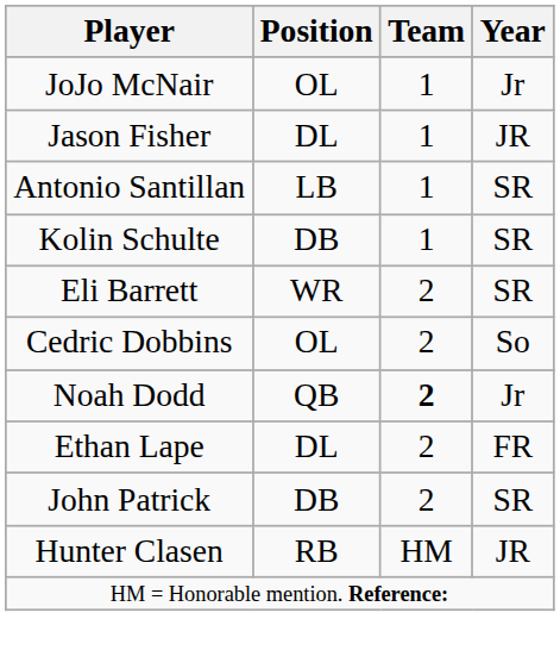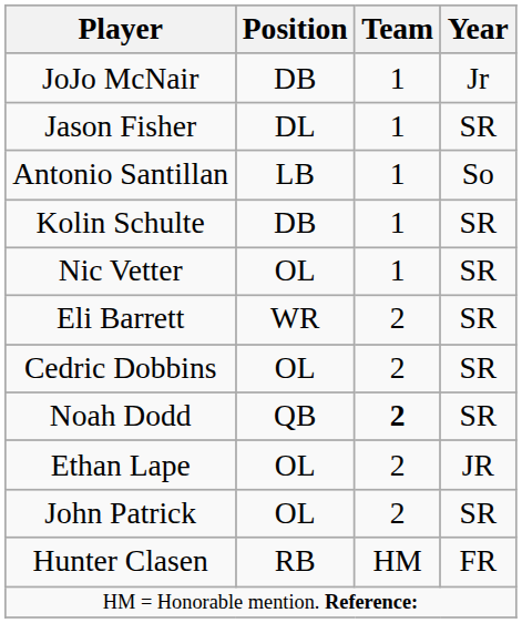 <table class="wikitable sortable sortable" style="text-align: center">
 <tr align=center>
 <th>Player</th>
 <th>Position</th>
 <th>Team</th>
 <th>Year</th>
 </tr>
 <tr>
 <td>JoJo McNair</td>
-<td>OL</td>
+<td>DB</td>
 <td>1</td>
 <td>Jr</td>
 </tr>
 <tr>
 <td>Jason Fisher</td>
 <td>DL</td>
 <td>1</td>
-<td>JR</td>
+<td>SR</td>
 </tr>
 <tr>
 <td>Antonio Santillan</td>
 <td>LB</td>
 <td>1</td>
-<td>SR</td>
+<td>So</td>
 </tr>
 <tr>
 <td>Kolin Schulte</td>
 <td>DB</td>
+<td>1</td>
+<td>SR</td>
+</tr>
+<tr>
+<td>Nic Vetter</td>
+<td>OL</td>
 <td>1</td>
 <td>SR</td>
 </tr>
 <tr>
 <td>Eli Barrett</td>
 <td>WR</td>
 <td>2</td>
 <td>SR</td>
 </tr>
 <tr>
 <td>Cedric Dobbins</td>
 <td>OL</td>
 <td>2</td>
-<td>So</td>
+<td>SR</td>
 </tr>
 <tr>
 <td>Noah Dodd</td>
 <td>QB</td>
 <td><strong>2</strong></td>
-<td>Jr</td>
+<td>SR</td>
 </tr>
 <tr>
 <td>Ethan Lape</td>
-<td>DL</td>
+<td>OL</td>
 <td>2</td>
-<td>FR</td>
+<td>JR</td>
 </tr>
 <tr>
 <td>John Patrick</td>
-<td>DB</td>
+<td>OL</td>
 <td>2</td>
 <td>SR</td>
 </tr>
 <tr>
 <td>Hunter Clasen</td>
 <td>RB</td>
 <td>HM</td>
-<td>JR</td>
+<td>FR</td>
 </tr>
 <tr class="sortbottom">
 <td colspan="4"  style="font-size:8pt; text-align:center;">HM = Honorable mention. <strong>Reference:</strong> </td>
 </tr>
 </table>
